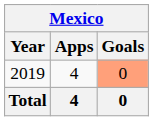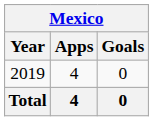 <table class="wikitable" style="text-align:center">
 <tr>
 <th colspan=3><a href='#'>Mexico</a></th>
 </tr>
 <tr>
 <th>Year</th>
 <th>Apps</th>
 <th>Goals</th>
 </tr>
 <tr>
 <td>2019</td>
 <td>4</td>
-<td style="background: lightsalmon;">0</td>
+<td>0</td>
 </tr>
 <tr>
 <th>Total</th>
 <th>4</th>
 <th>0</th>
 </tr>
 </table>
